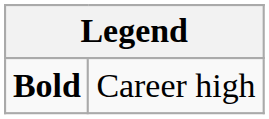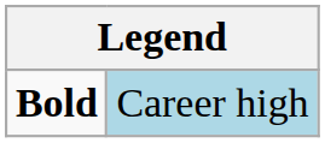 <table class="wikitable mw-collapsible mw-collapsed">
 <tr>
 <th colspan="3">Legend</th>
 </tr>
 <tr>
 <td><strong>Bold</strong></td>
-<td>Career high</td>
+<td style="background: lightblue;">Career high</td>
 </tr>
 </table>
